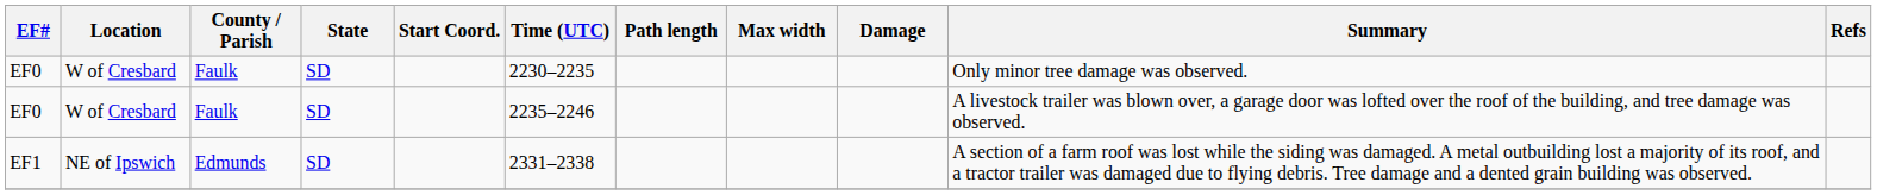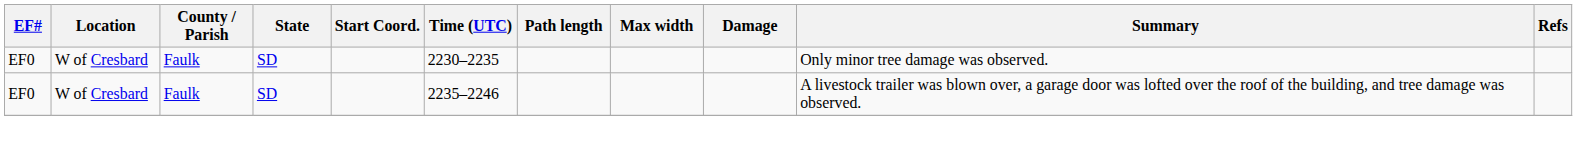 <table class="wikitable sortable" style="width:100%;">
 <tr>
 <th scope="col" width="3%" align="center"><a href='#'>EF#</a></th>
 <th scope="col" width="7%" align="center" class="unsortable">Location</th>
 <th scope="col" width="6%" align="center" class="unsortable">County / Parish</th>
 <th scope="col" width="5%" align="center">State</th>
 <th scope="col" width="6%" align="center">Start Coord.</th>
 <th scope="col" width="6%" align="center">Time (<a href='#'>UTC</a>)</th>
 <th scope="col" width="6%" align="center">Path length</th>
 <th scope="col" width="6%" align="center">Max width</th>
 <th scope="col" width="6%" align="center">Damage</th>
 <th scope="col" width="48%" class="unsortable" align="center">Summary</th>
 <th scope="col" width="48%" class="unsortable" align="center">Refs</th>
 </tr>
 <tr>
 <td>EF0</td>
 <td>W of <a href='#'>Cresbard</a></td>
 <td><a href='#'>Faulk</a></td>
 <td><a href='#'>SD</a></td>
 <td></td>
 <td>2230–2235</td>
 <td></td>
 <td></td>
 <td></td>
 <td>Only minor tree damage was observed.</td>
 <td></td>
 </tr>
 <tr>
 <td>EF0</td>
 <td>W of <a href='#'>Cresbard</a></td>
 <td><a href='#'>Faulk</a></td>
 <td><a href='#'>SD</a></td>
 <td></td>
 <td>2235–2246</td>
 <td></td>
 <td></td>
 <td></td>
 <td>A livestock trailer was blown over, a garage door was lofted over the roof of the building, and tree damage was observed.</td>
 <td></td>
 </tr>
 <tr>
-<td>EF1</td>
-<td>NE of <a href='#'>Ipswich</a></td>
-<td><a href='#'>Edmunds</a></td>
-<td><a href='#'>SD</a></td>
-<td></td>
-<td>2331–2338</td>
-<td></td>
-<td></td>
-<td></td>
-<td>A section of a farm roof was lost while the siding was damaged. A metal outbuilding lost a majority of its roof, and a tractor trailer was damaged due to flying debris. Tree damage and a dented grain building was observed.</td>
-<td></td>
-</tr>
-<tr>
 </tr>
 </table>
